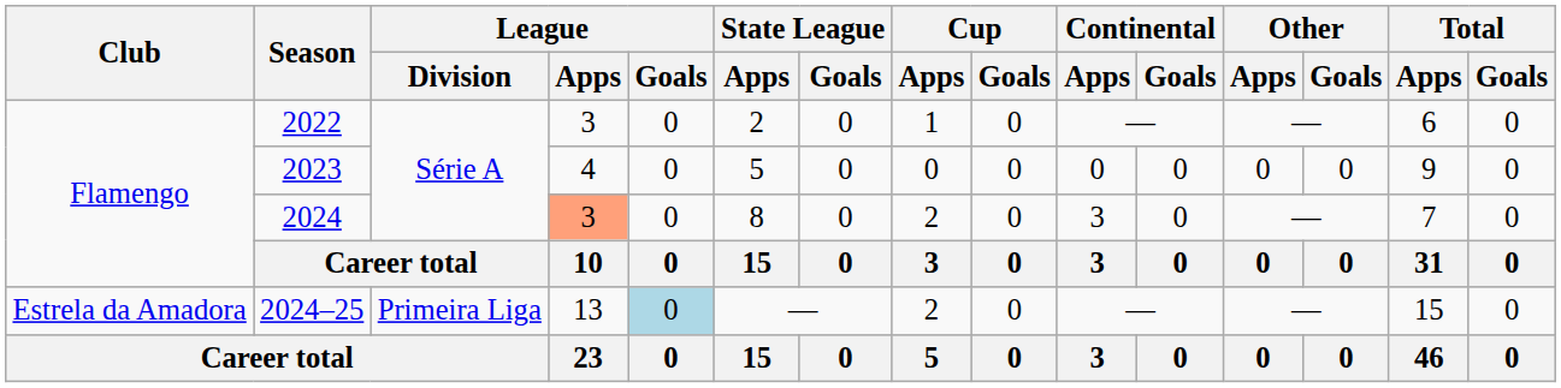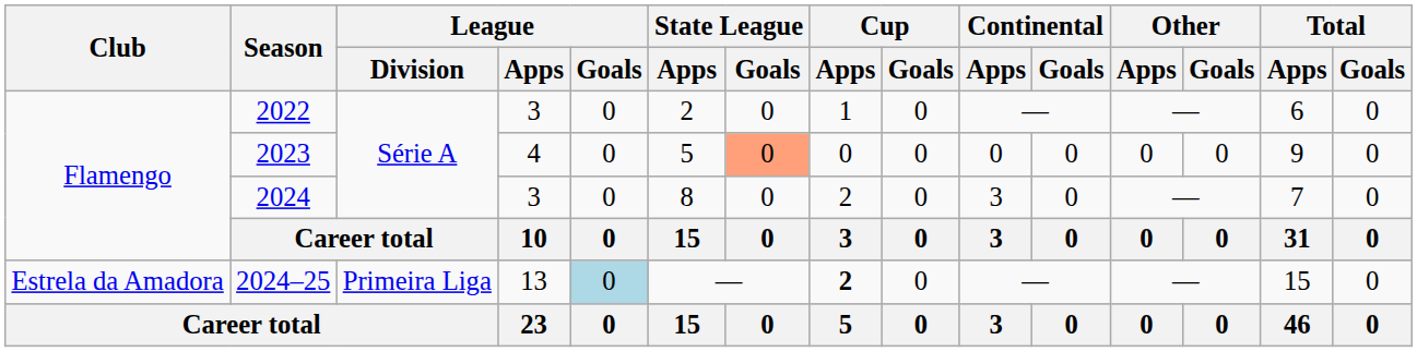 <table class="wikitable" style="text-align:center">
 <tr>
 <th rowspan="2">Club</th>
 <th rowspan="2">Season</th>
 <th colspan="3">League</th>
 <th colspan="2">State League</th>
 <th colspan="2">Cup</th>
 <th colspan="2">Continental</th>
 <th colspan="2">Other</th>
 <th colspan="2">Total</th>
 </tr>
 <tr>
 <th>Division</th>
 <th>Apps</th>
 <th>Goals</th>
 <th>Apps</th>
 <th>Goals</th>
 <th>Apps</th>
 <th>Goals</th>
 <th>Apps</th>
 <th>Goals</th>
 <th>Apps</th>
 <th>Goals</th>
 <th>Apps</th>
 <th>Goals</th>
 </tr>
 <tr>
 <td rowspan="4"><a href='#'>Flamengo</a></td>
 <td><a href='#'>2022</a></td>
 <td rowspan="3"><a href='#'>Série A</a></td>
 <td>3</td>
 <td>0</td>
 <td>2</td>
 <td>0</td>
 <td>1</td>
 <td>0</td>
 <td colspan="2">—</td>
 <td colspan="2">—</td>
 <td>6</td>
 <td>0</td>
 </tr>
 <tr>
 <td><a href='#'>2023</a></td>
 <td>4</td>
 <td>0</td>
 <td>5</td>
-<td>0</td>
+<td style="background: lightsalmon;">0</td>
 <td>0</td>
 <td>0</td>
 <td>0</td>
 <td>0</td>
 <td>0</td>
 <td>0</td>
 <td>9</td>
 <td>0</td>
 </tr>
 <tr>
 <td><a href='#'>2024</a></td>
-<td style="background: lightsalmon;">3</td>
+<td>3</td>
 <td>0</td>
 <td>8</td>
 <td>0</td>
 <td>2</td>
 <td>0</td>
 <td>3</td>
 <td>0</td>
 <td colspan="2">—</td>
 <td>7</td>
 <td>0</td>
 </tr>
 <tr>
 <th colspan="2">Career total</th>
 <th>10</th>
 <th>0</th>
 <th>15</th>
 <th>0</th>
 <th>3</th>
 <th>0</th>
 <th>3</th>
 <th>0</th>
 <th>0</th>
 <th>0</th>
 <th>31</th>
 <th>0</th>
 </tr>
 <tr>
 <td rowspan="1"><a href='#'>Estrela da Amadora</a></td>
 <td><a href='#'>2024–25</a></td>
 <td rowspan="1"><a href='#'>Primeira Liga</a></td>
 <td>13</td>
 <td style="background: lightblue;">0</td>
 <td colspan="2">—</td>
-<td>2</td>
+<td><strong>2</strong></td>
 <td>0</td>
 <td colspan="2">—</td>
 <td colspan="2">—</td>
 <td>15</td>
 <td>0</td>
 </tr>
 <tr>
 <th colspan="3">Career total</th>
 <th>23</th>
 <th>0</th>
 <th>15</th>
 <th>0</th>
 <th>5</th>
 <th>0</th>
 <th>3</th>
 <th>0</th>
 <th>0</th>
 <th>0</th>
 <th>46</th>
 <th>0</th>
 </tr>
 </table>
